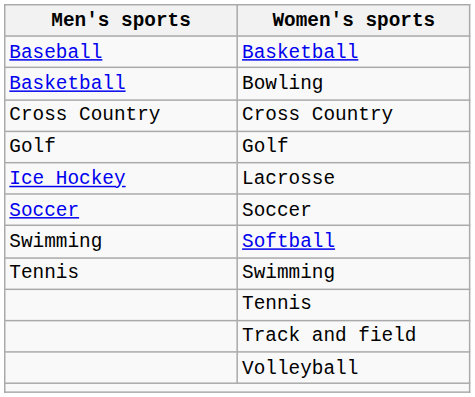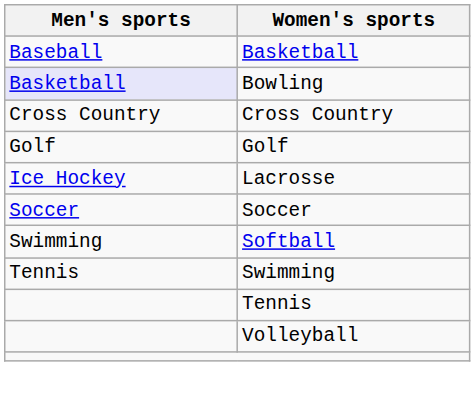 <table class="wikitable">
 <tr>
 <th width=150px>Men's sports</th>
 <th width=150px>Women's sports</th>
 </tr>
 <tr>
 <td><a href='#'>Baseball</a></td>
 <td><a href='#'>Basketball</a></td>
 </tr>
 <tr>
-<td><a href='#'>Basketball</a></td>
+<td style="background: lavender;"><a href='#'>Basketball</a></td>
 <td>Bowling</td>
 </tr>
 <tr>
 <td>Cross Country</td>
 <td>Cross Country</td>
 </tr>
 <tr>
 <td>Golf</td>
 <td>Golf</td>
 </tr>
 <tr>
 <td><a href='#'>Ice Hockey</a></td>
 <td>Lacrosse</td>
 </tr>
 <tr>
 <td><a href='#'>Soccer</a></td>
 <td>Soccer</td>
 </tr>
 <tr>
 <td>Swimming</td>
 <td><a href='#'>Softball</a></td>
 </tr>
 <tr>
 <td>Tennis</td>
 <td>Swimming</td>
 </tr>
 <tr>
 <td></td>
 <td>Tennis</td>
 </tr>
 <tr>
 <td></td>
-<td>Track and field</td>
-</tr>
-<tr>
-<td></td>
 <td>Volleyball</td>
 </tr>
 <tr>
 <td colspan="2"></td>
 </tr>
 </table>
